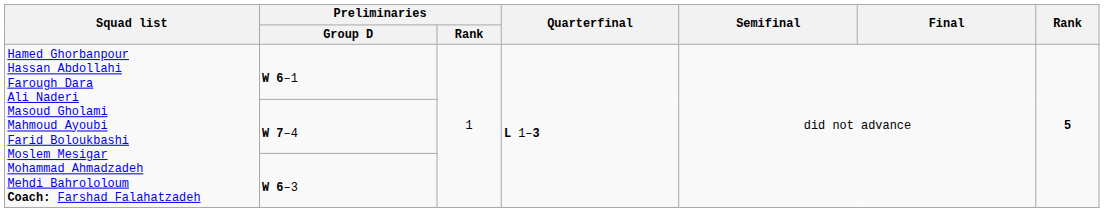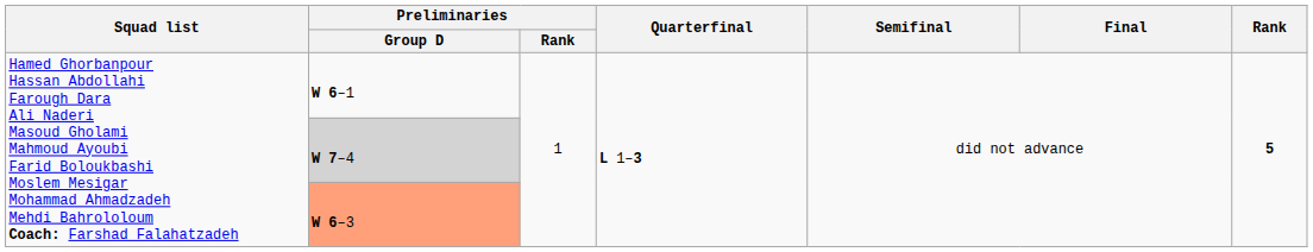 <table class="wikitable" width="85%" style="text-align:left; font-size:90%">
 <tr>
 <th rowspan="2" width="20%">Squad list</th>
 <th colspan="2">Preliminaries</th>
 <th rowspan="2" width="14%">Quarterfinal</th>
 <th rowspan="2" width="14%">Semifinal</th>
 <th rowspan="2" width="14%">Final</th>
 <th rowspan="2" width="5%">Rank</th>
 </tr>
 <tr>
 <th width="14%">Group D</th>
 <th width="5%">Rank</th>
 </tr>
 <tr>
 <td rowspan="3"><a href='#'>Hamed Ghorbanpour</a><br><a href='#'>Hassan Abdollahi</a><br><a href='#'>Farough Dara</a><br><a href='#'>Ali Naderi</a><br><a href='#'>Masoud Gholami</a><br><a href='#'>Mahmoud Ayoubi</a><br><a href='#'>Farid Boloukbashi</a><br><a href='#'>Moslem Mesigar</a><br><a href='#'>Mohammad Ahmadzadeh</a><br><a href='#'>Mehdi Bahrololoum</a><br><strong>Coach:</strong> <a href='#'>Farshad Falahatzadeh</a></td>
 <td><br><strong>W</strong> <strong>6</strong>–1</td>
 <td rowspan="3" align=center>1 <strong></strong></td>
 <td rowspan="3"><br><strong>L</strong> 1–<strong>3</strong></td>
 <td rowspan="3" colspan="2" align="center">did not advance</td>
 <td rowspan="3" align="center"><strong>5</strong></td>
 </tr>
 <tr>
-<td><br><strong>W</strong> <strong>7</strong>–4</td>
+<td style="background: lightgrey;"><br><strong>W</strong> <strong>7</strong>–4</td>
 </tr>
 <tr>
-<td><br><strong>W</strong> <strong>6</strong>–3</td>
+<td style="background: lightsalmon;"><br><strong>W</strong> <strong>6</strong>–3</td>
 </tr>
 </table>
